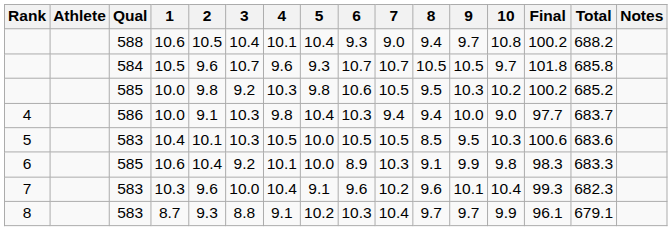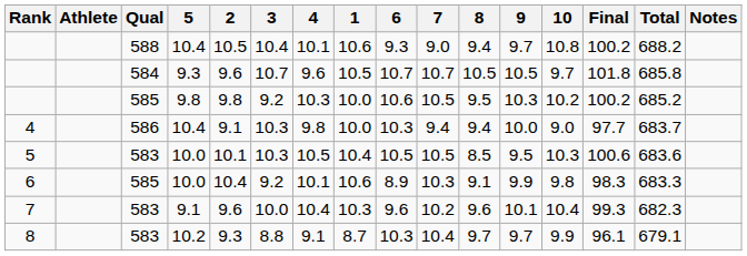 <table class="wikitable sortable">
 <tr>
 <th>Rank</th>
 <th>Athlete</th>
 <th>Qual</th>
-<th class="unsortable" style="width: 28px">1</th>
+<th class="unsortable" style="width: 28px">5</th>
 <th class="unsortable" style="width: 28px">2</th>
 <th class="unsortable" style="width: 28px">3</th>
 <th class="unsortable" style="width: 28px">4</th>
-<th class="unsortable" style="width: 28px">5</th>
+<th class="unsortable" style="width: 28px">1</th>
 <th class="unsortable" style="width: 28px">6</th>
 <th class="unsortable" style="width: 28px">7</th>
 <th class="unsortable" style="width: 28px">8</th>
 <th class="unsortable" style="width: 28px">9</th>
 <th class="unsortable" style="width: 28px">10</th>
 <th>Final</th>
 <th>Total</th>
 <th class="unsortable">Notes</th>
 </tr>
 <tr>
 <td align="center"></td>
 <td></td>
 <td align="center">588</td>
-<td align="center">10.6</td>
+<td align="center">10.4</td>
 <td align="center">10.5</td>
 <td align="center">10.4</td>
 <td align="center">10.1</td>
-<td align="center">10.4</td>
+<td align="center">10.6</td>
 <td align="center">9.3</td>
 <td align="center">9.0</td>
 <td align="center">9.4</td>
 <td align="center">9.7</td>
 <td align="center">10.8</td>
 <td align="center">100.2</td>
 <td align="center">688.2</td>
 <td align="center"></td>
 </tr>
 <tr>
 <td align="center"></td>
 <td></td>
 <td align="center">584</td>
-<td align="center">10.5</td>
+<td align="center">9.3</td>
 <td align="center">9.6</td>
 <td align="center">10.7</td>
 <td align="center">9.6</td>
-<td align="center">9.3</td>
+<td align="center">10.5</td>
 <td align="center">10.7</td>
 <td align="center">10.7</td>
 <td align="center">10.5</td>
 <td align="center">10.5</td>
 <td align="center">9.7</td>
 <td align="center">101.8</td>
 <td align="center">685.8</td>
 <td align="center"></td>
 </tr>
 <tr>
 <td align="center"></td>
 <td></td>
 <td align="center">585</td>
-<td align="center">10.0</td>
+<td align="center">9.8</td>
 <td align="center">9.8</td>
 <td align="center">9.2</td>
 <td align="center">10.3</td>
-<td align="center">9.8</td>
+<td align="center">10.0</td>
 <td align="center">10.6</td>
 <td align="center">10.5</td>
 <td align="center">9.5</td>
 <td align="center">10.3</td>
 <td align="center">10.2</td>
 <td align="center">100.2</td>
 <td align="center">685.2</td>
 <td align="center"></td>
 </tr>
 <tr>
 <td align="center">4</td>
 <td></td>
 <td align="center">586</td>
-<td align="center">10.0</td>
+<td align="center">10.4</td>
 <td align="center">9.1</td>
 <td align="center">10.3</td>
 <td align="center">9.8</td>
-<td align="center">10.4</td>
+<td align="center">10.0</td>
 <td align="center">10.3</td>
 <td align="center">9.4</td>
 <td align="center">9.4</td>
 <td align="center">10.0</td>
 <td align="center">9.0</td>
 <td align="center">97.7</td>
 <td align="center">683.7</td>
 <td align="center"></td>
 </tr>
 <tr>
 <td align="center">5</td>
 <td></td>
 <td align="center">583</td>
-<td align="center">10.4</td>
+<td align="center">10.0</td>
 <td align="center">10.1</td>
 <td align="center">10.3</td>
 <td align="center">10.5</td>
-<td align="center">10.0</td>
+<td align="center">10.4</td>
 <td align="center">10.5</td>
 <td align="center">10.5</td>
 <td align="center">8.5</td>
 <td align="center">9.5</td>
 <td align="center">10.3</td>
 <td align="center">100.6</td>
 <td align="center">683.6</td>
 <td align="center"></td>
 </tr>
 <tr>
 <td align="center">6</td>
 <td></td>
 <td align="center">585</td>
-<td align="center">10.6</td>
+<td align="center">10.0</td>
 <td align="center">10.4</td>
 <td align="center">9.2</td>
 <td align="center">10.1</td>
-<td align="center">10.0</td>
+<td align="center">10.6</td>
 <td align="center">8.9</td>
 <td align="center">10.3</td>
 <td align="center">9.1</td>
 <td align="center">9.9</td>
 <td align="center">9.8</td>
 <td align="center">98.3</td>
 <td align="center">683.3</td>
 <td align="center"></td>
 </tr>
 <tr>
 <td align="center">7</td>
 <td></td>
 <td align="center">583</td>
-<td align="center">10.3</td>
+<td align="center">9.1</td>
 <td align="center">9.6</td>
 <td align="center">10.0</td>
 <td align="center">10.4</td>
-<td align="center">9.1</td>
+<td align="center">10.3</td>
 <td align="center">9.6</td>
 <td align="center">10.2</td>
 <td align="center">9.6</td>
 <td align="center">10.1</td>
 <td align="center">10.4</td>
 <td align="center">99.3</td>
 <td align="center">682.3</td>
 <td align="center"></td>
 </tr>
 <tr>
 <td align="center">8</td>
 <td></td>
 <td align="center">583</td>
-<td align="center">8.7</td>
+<td align="center">10.2</td>
 <td align="center">9.3</td>
 <td align="center">8.8</td>
 <td align="center">9.1</td>
-<td align="center">10.2</td>
+<td align="center">8.7</td>
 <td align="center">10.3</td>
 <td align="center">10.4</td>
 <td align="center">9.7</td>
 <td align="center">9.7</td>
 <td align="center">9.9</td>
 <td align="center">96.1</td>
 <td align="center">679.1</td>
 <td align="center"></td>
 </tr>
 </table>
